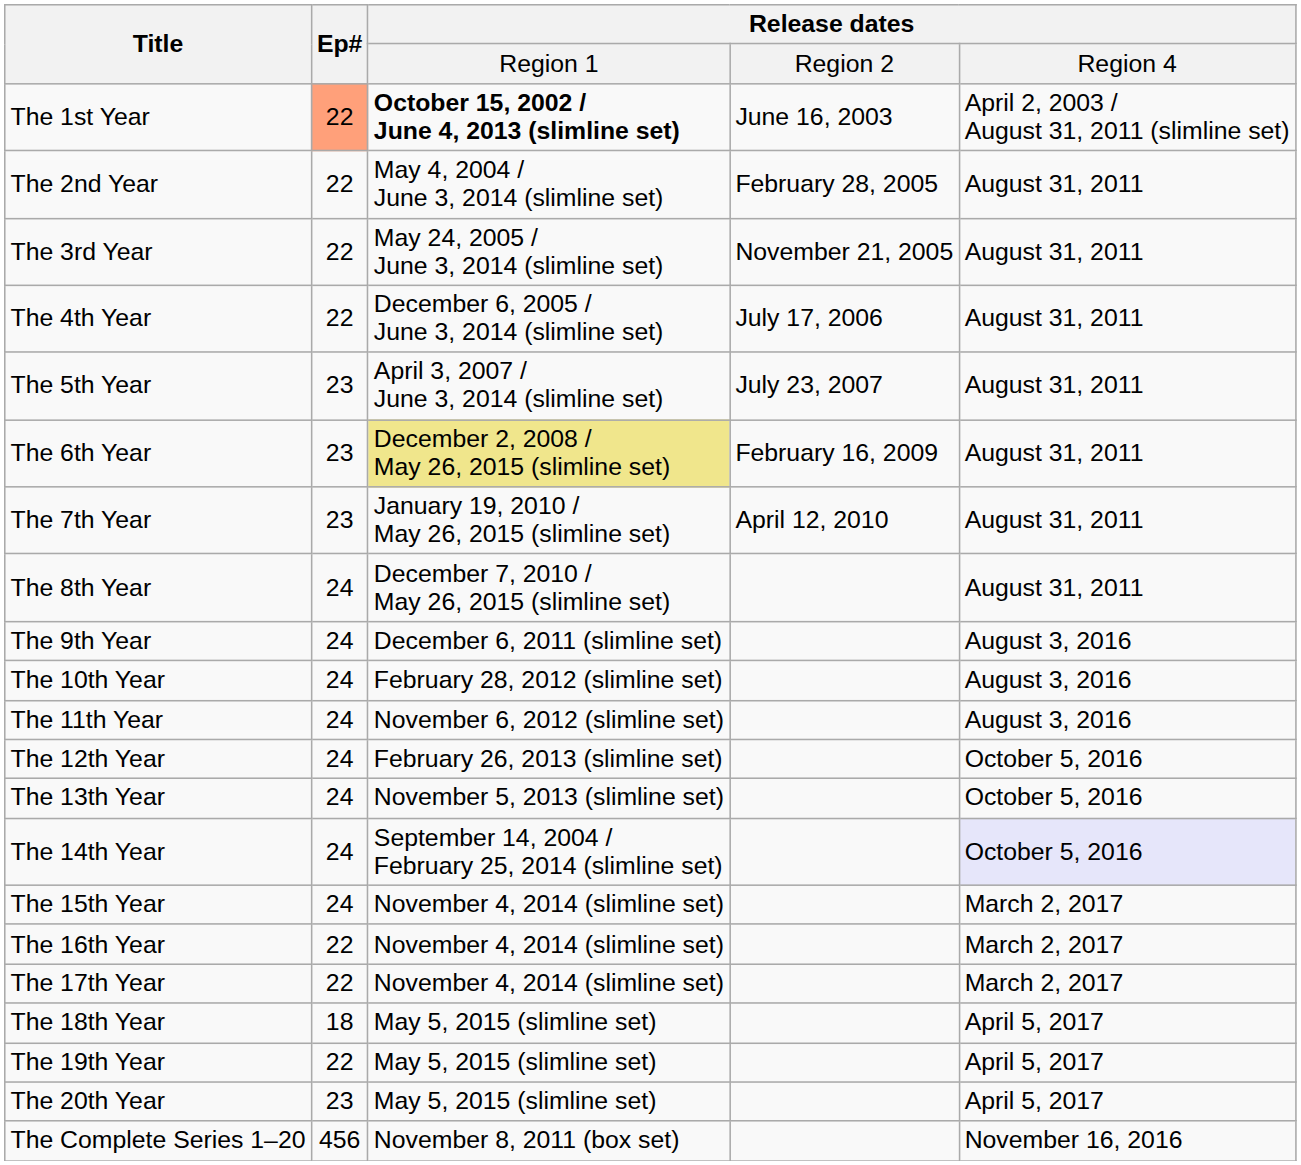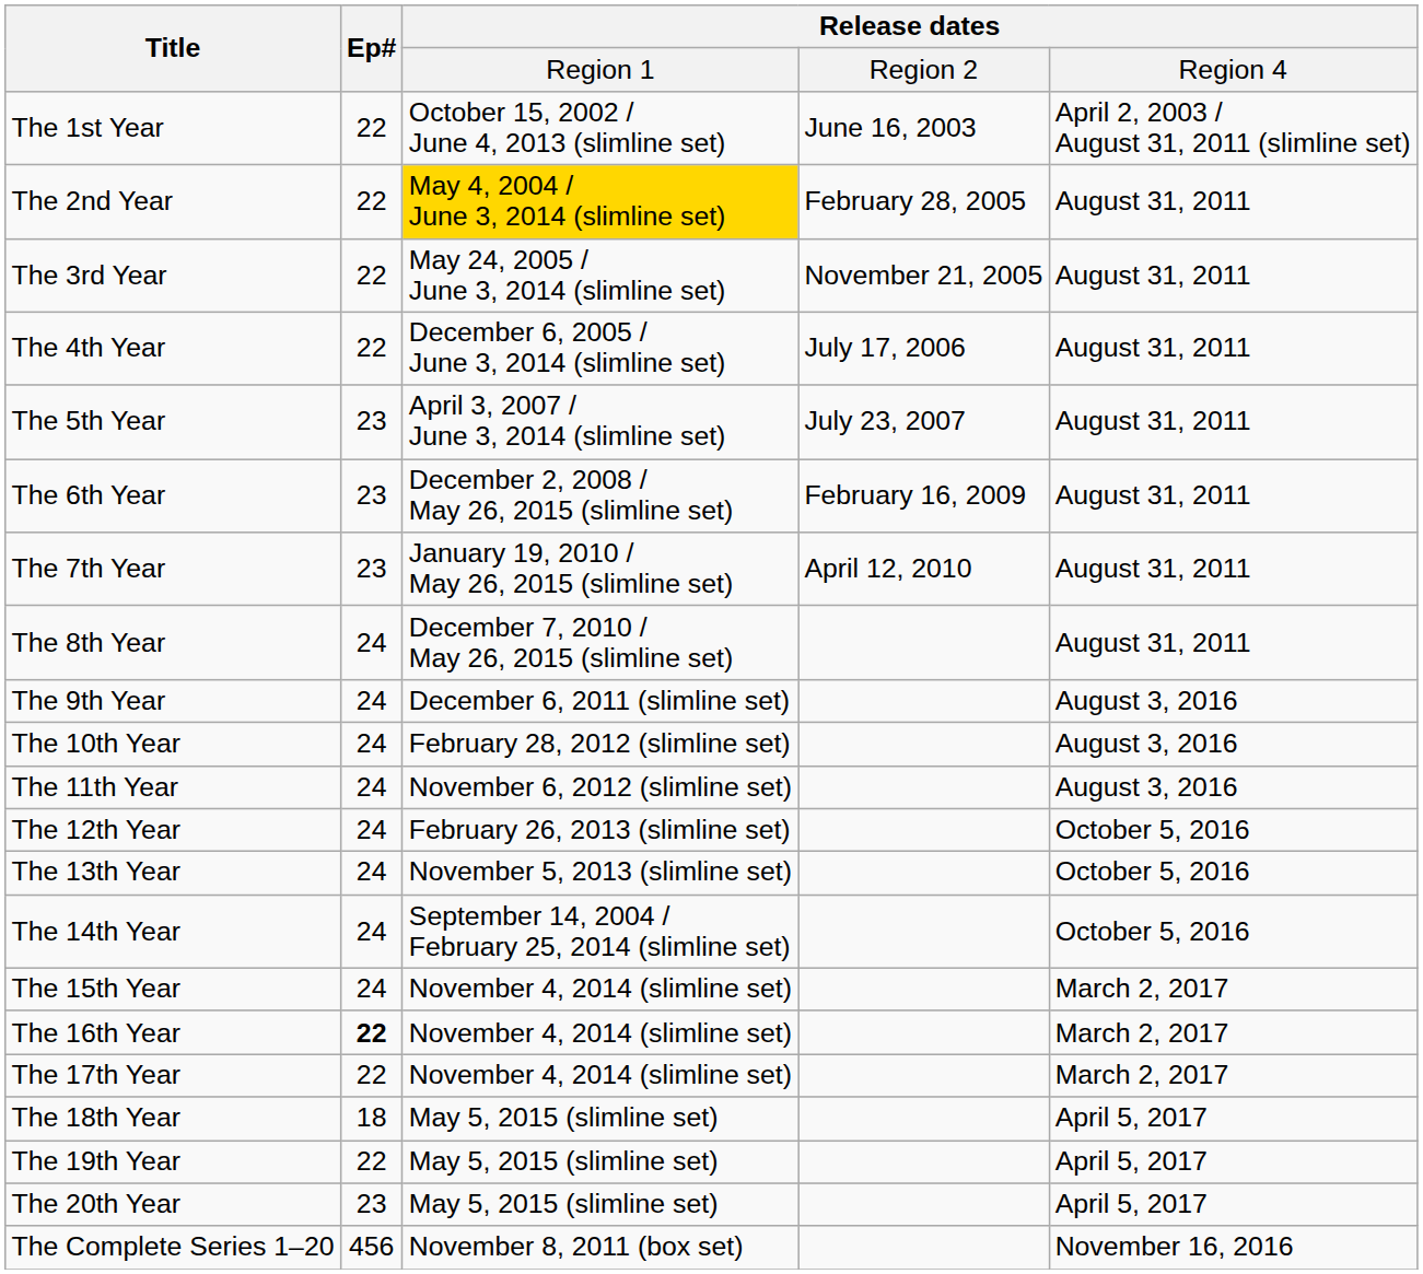 <table class="wikitable">
 <tr style="text-align:center; background:#f2f2f2; background:#f2f2f2;">
 <td rowspan="2"><strong>Title</strong></td>
 <td rowspan="2"><strong>Ep#</strong></td>
 <td colspan="3"><strong>Release dates</strong></td>
 </tr>
 <tr style="text-align:center; background:#f2f2f2; background:#f2f2f2;">
 <td>Region 1</td>
 <td>Region 2</td>
 <td>Region 4</td>
 </tr>
 <tr>
 <td>The 1st Year</td>
-<td style="background: lightsalmon; text-align:center;">22</td>
-<td><strong>October 15, 2002 /<br>June 4, 2013 (slimline set)</strong></td>
+<td style="text-align:center;">22</td>
+<td>October 15, 2002 /<br>June 4, 2013 (slimline set)</td>
 <td>June 16, 2003</td>
 <td>April 2, 2003 /<br>August 31, 2011 (slimline set)</td>
 </tr>
 <tr>
 <td>The 2nd Year</td>
 <td style="text-align:center;">22</td>
-<td>May 4, 2004 /<br>June 3, 2014 (slimline set)</td>
+<td style="background: gold;">May 4, 2004 /<br>June 3, 2014 (slimline set)</td>
 <td>February 28, 2005</td>
 <td>August 31, 2011</td>
 </tr>
 <tr>
 <td>The 3rd Year</td>
 <td style="text-align:center;">22</td>
 <td>May 24, 2005 /<br>June 3, 2014 (slimline set)</td>
 <td>November 21, 2005</td>
 <td>August 31, 2011</td>
 </tr>
 <tr>
 <td>The 4th Year</td>
 <td style="text-align:center;">22</td>
 <td>December 6, 2005 /<br>June 3, 2014 (slimline set)</td>
 <td>July 17, 2006</td>
 <td>August 31, 2011</td>
 </tr>
 <tr>
 <td>The 5th Year</td>
 <td style="text-align:center;">23</td>
 <td>April 3, 2007 /<br>June 3, 2014 (slimline set)</td>
 <td>July 23, 2007</td>
 <td>August 31, 2011</td>
 </tr>
 <tr>
 <td>The 6th Year</td>
 <td style="text-align:center;">23</td>
-<td style="background: khaki;">December 2, 2008 /<br>May 26, 2015 (slimline set)</td>
+<td>December 2, 2008 /<br>May 26, 2015 (slimline set)</td>
 <td>February 16, 2009</td>
 <td>August 31, 2011</td>
 </tr>
 <tr>
 <td>The 7th Year</td>
 <td style="text-align:center;">23</td>
 <td>January 19, 2010 /<br>May 26, 2015 (slimline set)</td>
 <td>April 12, 2010</td>
 <td>August 31, 2011</td>
 </tr>
 <tr>
 <td>The 8th Year</td>
 <td style="text-align:center;">24</td>
 <td>December 7, 2010 /<br>May 26, 2015 (slimline set)</td>
 <td></td>
 <td>August 31, 2011</td>
 </tr>
 <tr>
 <td>The 9th Year</td>
 <td style="text-align:center;">24</td>
 <td>December 6, 2011 (slimline set)</td>
 <td></td>
 <td>August 3, 2016</td>
 </tr>
 <tr>
 <td>The 10th Year</td>
 <td style="text-align:center;">24</td>
 <td>February 28, 2012 (slimline set)</td>
 <td></td>
 <td>August 3, 2016</td>
 </tr>
 <tr>
 <td>The 11th Year</td>
 <td style="text-align:center;">24</td>
 <td>November 6, 2012 (slimline set)</td>
 <td></td>
 <td>August 3, 2016</td>
 </tr>
 <tr>
 <td>The 12th Year</td>
 <td style="text-align:center;">24</td>
 <td>February 26, 2013 (slimline set)</td>
 <td></td>
 <td>October 5, 2016</td>
 </tr>
 <tr>
 <td>The 13th Year</td>
 <td style="text-align:center;">24</td>
 <td>November 5, 2013 (slimline set)</td>
 <td></td>
 <td>October 5, 2016</td>
 </tr>
 <tr>
 <td>The 14th Year</td>
 <td style="text-align:center;">24</td>
 <td>September 14, 2004 /<br>February 25, 2014 (slimline set)</td>
 <td></td>
-<td style="background: lavender;">October 5, 2016</td>
+<td>October 5, 2016</td>
 </tr>
 <tr>
 <td>The 15th Year</td>
 <td style="text-align:center;">24</td>
 <td>November 4, 2014 (slimline set)</td>
 <td></td>
 <td>March 2, 2017</td>
 </tr>
 <tr>
 <td>The 16th Year</td>
-<td style="text-align:center;">22</td>
+<td style="text-align:center;"><strong>22</strong></td>
 <td>November 4, 2014 (slimline set)</td>
 <td></td>
 <td>March 2, 2017</td>
 </tr>
 <tr>
 <td>The 17th Year</td>
 <td style="text-align:center;">22</td>
 <td>November 4, 2014 (slimline set)</td>
 <td></td>
 <td>March 2, 2017</td>
 </tr>
 <tr>
 <td>The 18th Year</td>
 <td style="text-align:center;">18</td>
 <td>May 5, 2015 (slimline set)</td>
 <td></td>
 <td>April 5, 2017</td>
 </tr>
 <tr>
 <td>The 19th Year</td>
 <td style="text-align:center;">22</td>
 <td>May 5, 2015 (slimline set)</td>
 <td></td>
 <td>April 5, 2017</td>
 </tr>
 <tr>
 <td>The 20th Year</td>
 <td style="text-align:center;">23</td>
 <td>May 5, 2015 (slimline set)</td>
 <td></td>
 <td>April 5, 2017</td>
 </tr>
 <tr>
 <td>The Complete Series 1–20</td>
 <td style="text-align:center;">456</td>
 <td>November 8, 2011 (box set)</td>
 <td></td>
 <td>November 16, 2016</td>
 </tr>
 </table>
